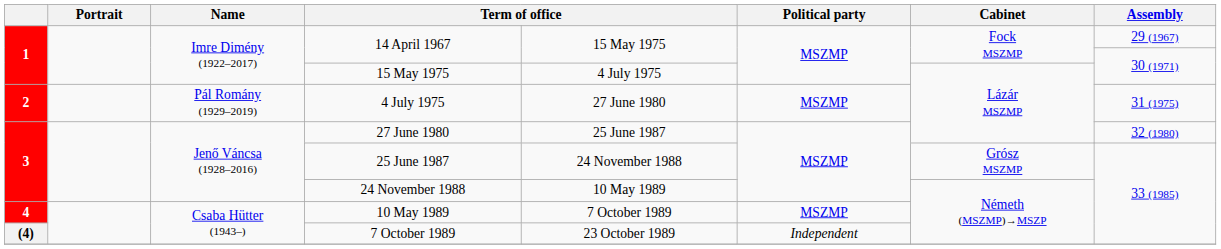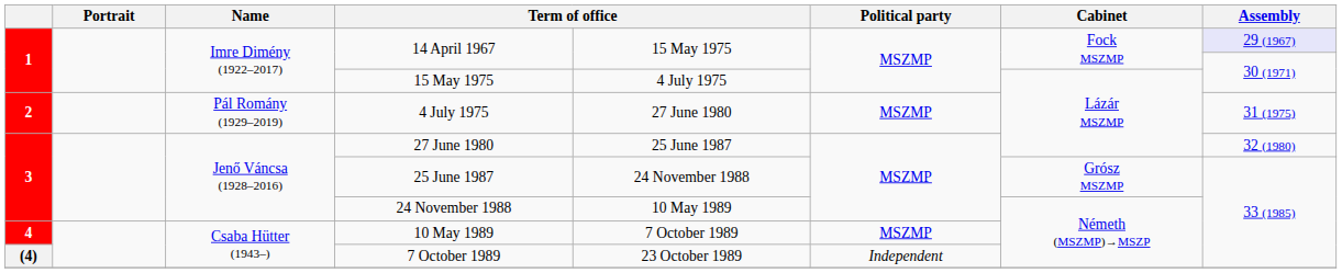 <table class="wikitable" style="width:90%; text-align:center;">
 <tr>
 <th></th>
 <th>Portrait</th>
 <th>Name<br></th>
 <th colspan=2>Term of office</th>
 <th>Political party</th>
 <th>Cabinet</th>
 <th><a href='#'>Assembly</a><br></th>
 </tr>
 <tr>
 <th rowspan="3" style="background:Red; color:white">1</th>
 <td rowspan="3"></td>
 <td rowspan="3"><a href='#'>Imre Dimény</a><br><small>(1922–2017)</small></td>
 <td rowspan="2">14 April 1967</td>
 <td rowspan="2">15 May 1975</td>
 <td rowspan="3"><a href='#'>MSZMP</a></td>
 <td rowspan="2"><a href='#'>Fock</a><br><small><a href='#'>MSZMP</a></small></td>
-<td><a href='#'>29 <small>(1967)</small></a></td>
+<td style="background: lavender;"><a href='#'>29 <small>(1967)</small></a></td>
 </tr>
 <tr>
 <td rowspan="2"><a href='#'>30 <small>(1971)</small></a></td>
 </tr>
 <tr>
 <td>15 May 1975</td>
 <td>4 July 1975</td>
 <td rowspan="4"><a href='#'>Lázár</a><br><small><a href='#'>MSZMP</a></small></td>
 </tr>
 <tr>
 <th style="background:Red; color:white">2</th>
 <td></td>
 <td><a href='#'>Pál Romány</a><br><small>(1929–2019)</small></td>
 <td>4 July 1975</td>
 <td>27 June 1980</td>
 <td><a href='#'>MSZMP</a></td>
 <td><a href='#'>31 <small>(1975)</small></a></td>
 </tr>
 <tr>
 <th rowspan="4" style="background:Red; color:white">3</th>
 <td rowspan="4"></td>
 <td rowspan="4"><a href='#'>Jenő Váncsa</a><br><small>(1928–2016)</small></td>
 <td rowspan="2">27 June 1980</td>
 <td rowspan="2">25 June 1987</td>
 <td rowspan="4"><a href='#'>MSZMP</a></td>
 <td><a href='#'>32 <small>(1980)</small></a></td>
 </tr>
 <tr>
 <td rowspan="5"><a href='#'>33 <small>(1985)</small></a></td>
 </tr>
 <tr>
 <td>25 June 1987</td>
 <td>24 November 1988</td>
 <td><a href='#'>Grósz</a><br><small><a href='#'>MSZMP</a></small></td>
 </tr>
 <tr>
 <td>24 November 1988</td>
 <td>10 May 1989</td>
 <td rowspan="3"><a href='#'>Németh</a><br><small>(<a href='#'>MSZMP</a>)→<a href='#'>MSZP</a></small></td>
 </tr>
 <tr>
 <th style="background:Red; color:white">4</th>
 <td rowspan="2"></td>
 <td rowspan="2"><a href='#'>Csaba Hütter</a><br><small>(1943–)</small></td>
 <td>10 May 1989</td>
 <td>7 October 1989</td>
 <td><a href='#'>MSZMP</a></td>
 </tr>
 <tr>
 <th style="background:">(4)</th>
 <td>7 October 1989</td>
 <td>23 October 1989</td>
 <td><em>Independent</em></td>
 </tr>
 <tr>
 </tr>
 </table>
